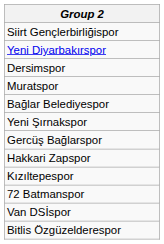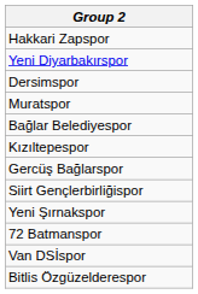 <table class="wikitable collapsible collapsed" style="font-size:95%;">
 <tr>
 <th colspan="1" width="200"><em>Group 2</em></th>
 </tr>
 <tr>
-<td>Siirt Gençlerbirliğispor</td>
+<td>Hakkari Zapspor</td>
 </tr>
 <tr>
 <td><a href='#'>Yeni Diyarbakırspor</a></td>
 </tr>
 <tr>
 <td>Dersimspor</td>
 </tr>
 <tr>
 <td>Muratspor</td>
 </tr>
 <tr>
 <td>Bağlar Belediyespor</td>
 </tr>
 <tr>
-<td>Yeni Şırnakspor</td>
+<td>Kızıltepespor</td>
 </tr>
 <tr>
 <td>Gercüş Bağlarspor</td>
 </tr>
 <tr>
-<td>Hakkari Zapspor</td>
+<td>Siirt Gençlerbirliğispor</td>
 </tr>
 <tr>
-<td>Kızıltepespor</td>
+<td>Yeni Şırnakspor</td>
 </tr>
 <tr>
 <td>72 Batmanspor</td>
 </tr>
 <tr>
 <td>Van DSİspor</td>
 </tr>
 <tr>
 <td>Bitlis Özgüzelderespor</td>
 </tr>
 </table>
